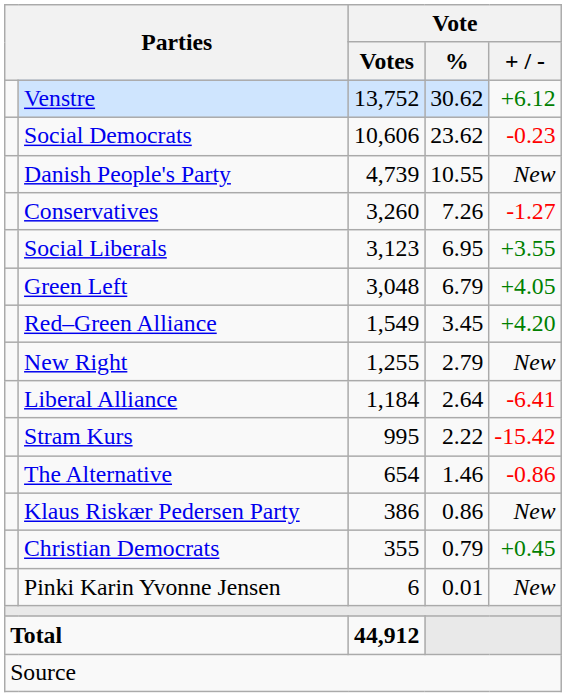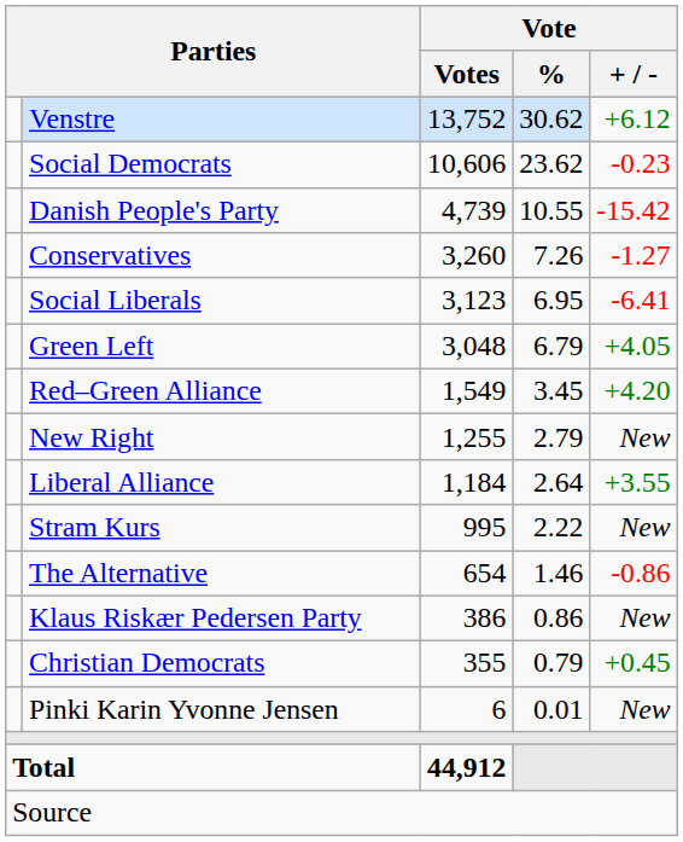 <table class="wikitable" style="text-align:right;">
 <tr>
 <th style="text-align:centre;" rowspan="2" colspan="2" width="225">Parties</th>
 <th colspan="3">Vote</th>
 </tr>
 <tr>
 <th width="15">Votes</th>
 <th width="15">%</th>
 <th width="15">+ / -</th>
 </tr>
 <tr>
 <td width="2" style="color:inherit;background:"></td>
 <td bgcolor=#cfe5fe  align="left"><a href='#'>Venstre</a></td>
 <td bgcolor=#cfe5fe>13,752</td>
 <td bgcolor=#cfe5fe>30.62</td>
 <td style=color:green;>+6.12</td>
 </tr>
 <tr>
 <td width="2" style="color:inherit;background:"></td>
 <td align="left"><a href='#'>Social Democrats</a></td>
 <td>10,606</td>
 <td>23.62</td>
 <td style=color:red;>-0.23</td>
 </tr>
 <tr>
 <td width="2" style="color:inherit;background:"></td>
 <td align="left"><a href='#'>Danish People's Party</a></td>
 <td>4,739</td>
 <td>10.55</td>
-<td><em>New</em></td>
+<td style=color:red;>-15.42</td>
 </tr>
 <tr>
 <td width="2" style="color:inherit;background:"></td>
 <td align="left"><a href='#'>Conservatives</a></td>
 <td>3,260</td>
 <td>7.26</td>
 <td style=color:red;>-1.27</td>
 </tr>
 <tr>
 <td width="2" style="color:inherit;background:"></td>
 <td align="left"><a href='#'>Social Liberals</a></td>
 <td>3,123</td>
 <td>6.95</td>
-<td style=color:green;>+3.55</td>
+<td style=color:red;>-6.41</td>
 </tr>
 <tr>
 <td width="2" style="color:inherit;background:"></td>
 <td align="left"><a href='#'>Green Left</a></td>
 <td>3,048</td>
 <td>6.79</td>
 <td style=color:green;>+4.05</td>
 </tr>
 <tr>
 <td width="2" style="color:inherit;background:"></td>
 <td align="left"><a href='#'>Red–Green Alliance</a></td>
 <td>1,549</td>
 <td>3.45</td>
 <td style=color:green;>+4.20</td>
 </tr>
 <tr>
 <td width="2" style="color:inherit;background:"></td>
 <td align="left"><a href='#'>New Right</a></td>
 <td>1,255</td>
 <td>2.79</td>
 <td><em>New</em></td>
 </tr>
 <tr>
 <td width="2" style="color:inherit;background:"></td>
 <td align="left"><a href='#'>Liberal Alliance</a></td>
 <td>1,184</td>
 <td>2.64</td>
-<td style=color:red;>-6.41</td>
+<td style=color:green;>+3.55</td>
 </tr>
 <tr>
 <td width="2" style="color:inherit;background:"></td>
 <td align="left"><a href='#'>Stram Kurs</a></td>
 <td>995</td>
 <td>2.22</td>
-<td style=color:red;>-15.42</td>
+<td><em>New</em></td>
 </tr>
 <tr>
 <td width="2" style="color:inherit;background:"></td>
 <td align="left"><a href='#'>The Alternative</a></td>
 <td>654</td>
 <td>1.46</td>
 <td style=color:red;>-0.86</td>
 </tr>
 <tr>
 <td width="2" style="color:inherit;background:"></td>
 <td align="left"><a href='#'>Klaus Riskær Pedersen Party</a></td>
 <td>386</td>
 <td>0.86</td>
 <td><em>New</em></td>
 </tr>
 <tr>
 <td width="2" style="color:inherit;background:"></td>
 <td align="left"><a href='#'>Christian Democrats</a></td>
 <td>355</td>
 <td>0.79</td>
 <td style=color:green;>+0.45</td>
 </tr>
 <tr>
 <td width="2" style="color:inherit;background:"></td>
 <td align="left">Pinki Karin Yvonne Jensen</td>
 <td>6</td>
 <td>0.01</td>
 <td><em>New</em></td>
 </tr>
 <tr>
 <td colspan="7" bgcolor="#E9E9E9"></td>
 </tr>
 <tr>
 <td align="left" colspan="2"><strong>Total</strong></td>
 <td><strong>44,912</strong></td>
 <td bgcolor="#E9E9E9" colspan="2"></td>
 </tr>
 <tr>
 <td align="left" colspan="6">Source</td>
 </tr>
 </table>
